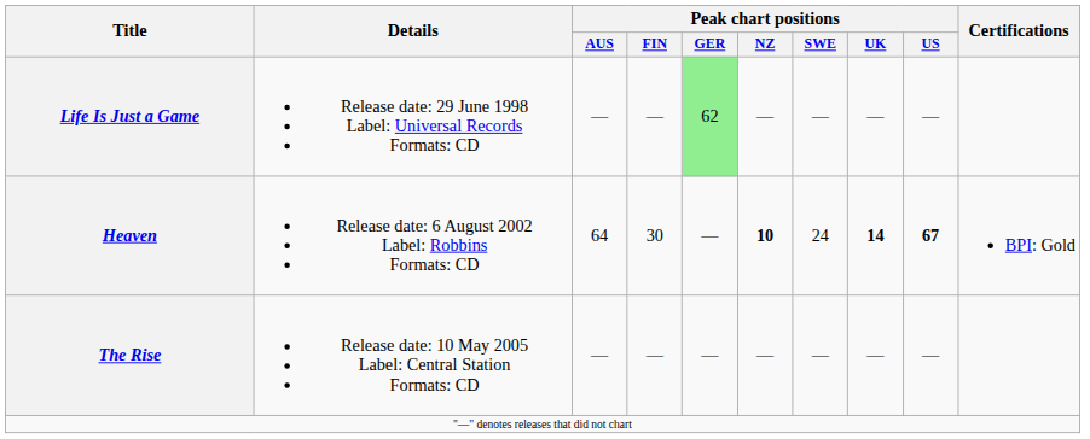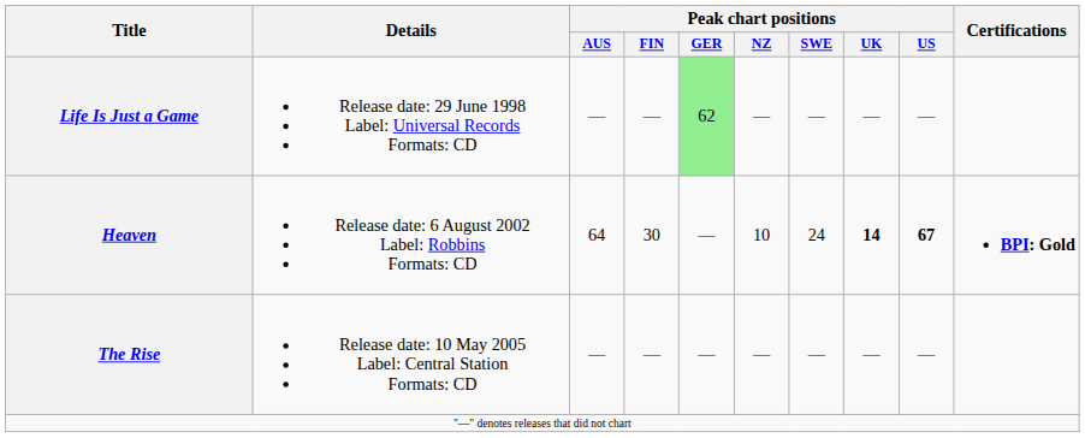 <table class="wikitable plainrowheaders" style="text-align:center;">
 <tr>
 <th rowspan="2" style="width:14em;">Title</th>
 <th rowspan="2" style="width:18em;">Details</th>
 <th colspan="7">Peak chart positions</th>
 <th rowspan="2">Certifications</th>
 </tr>
 <tr style="font-size:smaller;">
 <th style="width:45px;"><a href='#'>AUS</a><br></th>
 <th style="width:45px;"><a href='#'>FIN</a><br></th>
 <th style="width:45px;"><a href='#'>GER</a><br></th>
 <th style="width:45px;"><a href='#'>NZ</a><br></th>
 <th style="width:45px;"><a href='#'>SWE</a><br></th>
 <th style="width:45px;"><a href='#'>UK</a></th>
 <th style="width:45px;"><a href='#'>US</a><br></th>
 </tr>
 <tr>
 <th scope="row"><em><a href='#'>Life Is Just a Game</a></em></th>
 <td><br><ul><li>Release date: 29 June 1998</li><li>Label: <a href='#'>Universal Records</a></li><li>Formats: CD</li></ul></td>
 <td>—</td>
 <td>—</td>
 <td style="background: lightgreen;">62</td>
 <td>—</td>
 <td>—</td>
 <td>—</td>
 <td>—</td>
 <td></td>
 </tr>
 <tr>
 <th scope="row"><em><a href='#'>Heaven</a></em></th>
 <td><br><ul><li>Release date: 6 August 2002</li><li>Label: <a href='#'>Robbins</a></li><li>Formats: CD</li></ul></td>
 <td>64</td>
 <td>30</td>
 <td>—</td>
-<td><strong>10</strong></td>
+<td>10</td>
 <td>24</td>
 <td><strong>14</strong></td>
 <td><strong>67</strong></td>
-<td><br><ul><li><a href='#'>BPI</a>: Gold</li></ul></td>
+<td><strong><br><ul><li><a href='#'>BPI</a>: Gold</li></ul></strong></td>
 </tr>
 <tr>
 <th scope="row"><em><a href='#'>The Rise</a></em></th>
 <td><br><ul><li>Release date: 10 May 2005</li><li>Label: Central Station</li><li>Formats: CD</li></ul></td>
 <td>—</td>
 <td>—</td>
 <td>—</td>
 <td>—</td>
 <td>—</td>
 <td>—</td>
 <td>—</td>
 <td></td>
 </tr>
 <tr>
 <td colspan="15" style="font-size:8pt">"—" denotes releases that did not chart</td>
 </tr>
 </table>
